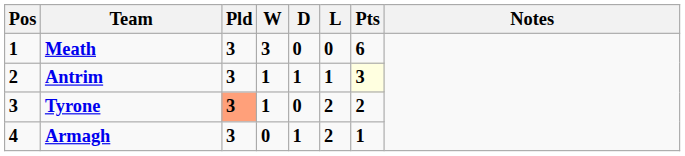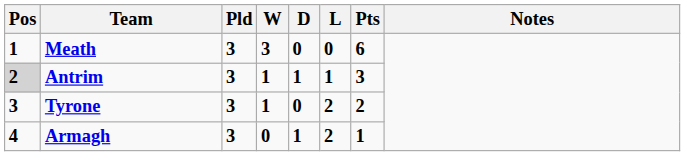 <table class="wikitable" style="text-align: centre;">
 <tr>
 <th width=20>Pos</th>
 <th width=150>Team</th>
 <th width=20>Pld</th>
 <th width=20>W</th>
 <th width=20>D</th>
 <th width=20>L</th>
 <th width=20>Pts</th>
 <th width=250>Notes</th>
 </tr>
 <tr style>
 <td><strong>1</strong></td>
 <td align=left><strong> <a href='#'>Meath</a> </strong></td>
 <td><strong>3</strong></td>
 <td><strong>3</strong></td>
 <td><strong>0</strong></td>
 <td><strong>0</strong></td>
 <td><strong>6</strong></td>
 </tr>
 <tr style>
-<td><strong>2</strong></td>
+<td style="background: lightgrey;"><strong>2</strong></td>
 <td align=left><strong> <a href='#'>Antrim</a> </strong></td>
 <td><strong>3</strong></td>
 <td><strong>1</strong></td>
 <td><strong>1</strong></td>
 <td><strong>1</strong></td>
-<td style="background: lightyellow;"><strong>3</strong></td>
+<td><strong>3</strong></td>
 </tr>
 <tr style>
 <td><strong>3</strong></td>
 <td align=left><strong> <a href='#'>Tyrone</a> </strong></td>
-<td style="background: lightsalmon;"><strong>3</strong></td>
+<td><strong>3</strong></td>
 <td><strong>1</strong></td>
 <td><strong>0</strong></td>
 <td><strong>2</strong></td>
 <td><strong>2</strong></td>
 </tr>
 <tr style>
 <td><strong>4</strong></td>
 <td align=left><strong> <a href='#'>Armagh</a> </strong></td>
 <td><strong>3</strong></td>
 <td><strong>0</strong></td>
 <td><strong>1</strong></td>
 <td><strong>2</strong></td>
 <td><strong>1</strong></td>
 </tr>
 </table>
